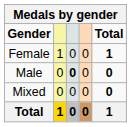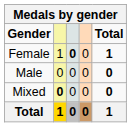 <table class=wikitable style=font-size:85%>
 <tr style="background:#efefef;">
 <th colspan=7><strong>Medals by gender</strong></th>
 </tr>
 <tr align=center>
 <td><strong>Gender</strong></td>
 <td bgcolor=#f7f6a8></td>
 <td bgcolor=#dce5e5></td>
 <td bgcolor=#ffdab9></td>
 <td><strong>Total</strong></td>
 </tr>
 <tr align=center>
 <td>Female</td>
 <td style="background:#F7F6A8;">1</td>
-<td style="background:#DCE5E5;">0</td>
+<td style="background:#DCE5E5;"><strong>0</strong></td>
 <td style="background:#FFDAB9;">0</td>
 <td><strong>1</strong></td>
 </tr>
 <tr align=center>
 <td>Male</td>
 <td style="background:#F7F6A8;">0</td>
-<td style="background:#DCE5E5;"><strong>0</strong></td>
+<td style="background:#DCE5E5;">0</td>
 <td style="background:#FFDAB9;">0</td>
 <td><strong>0</strong></td>
 </tr>
 <tr align=center>
 <td>Mixed</td>
-<td style="background:#F7F6A8;">0</td>
+<td style="background:#F7F6A8;"><strong>0</strong></td>
 <td style="background:#DCE5E5;">0</td>
 <td style="background:#FFDAB9;">0</td>
 <td><strong>0</strong></td>
 </tr>
 <tr align=center>
 <th><strong>Total</strong></th>
 <th style="background:gold;"><strong>1</strong></th>
 <th style="background:silver;"><strong>0</strong></th>
 <th style="background:#c96;"><strong>0</strong></th>
 <th><strong>1</strong></th>
 </tr>
 </table>
